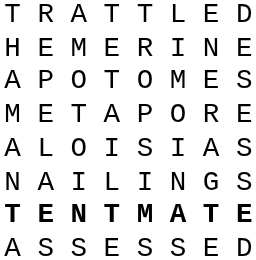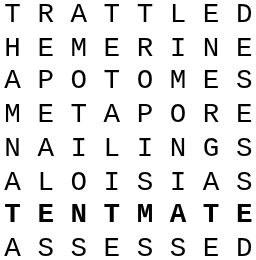 <table style="font-family: monospace; margin: 0 0 0 0; line-height:90%; white-space: nowrap">
 <tr>
 <td style="padding-left: 2em;">T R A T T L E D</td>
 </tr>
 <tr>
 <td style="padding-left: 2em;">H E M E R I N E</td>
 </tr>
 <tr>
 <td style="padding-left: 2em;">A P O T O M E S</td>
 </tr>
 <tr>
 <td style="padding-left: 2em;">M E T A P O R E</td>
 </tr>
 <tr>
-<td style="padding-left: 2em;">A L O I S I A S</td>
+<td style="padding-left: 2em;">N A I L I N G S</td>
 </tr>
 <tr>
-<td style="padding-left: 2em;">N A I L I N G S</td>
+<td style="padding-left: 2em;">A L O I S I A S</td>
 </tr>
 <tr>
 <td style="padding-left: 2em;"><strong>T E N T M A T E</strong></td>
 </tr>
 <tr>
 <td style="padding-left: 2em;">A S S E S S E D</td>
 </tr>
 </table>
